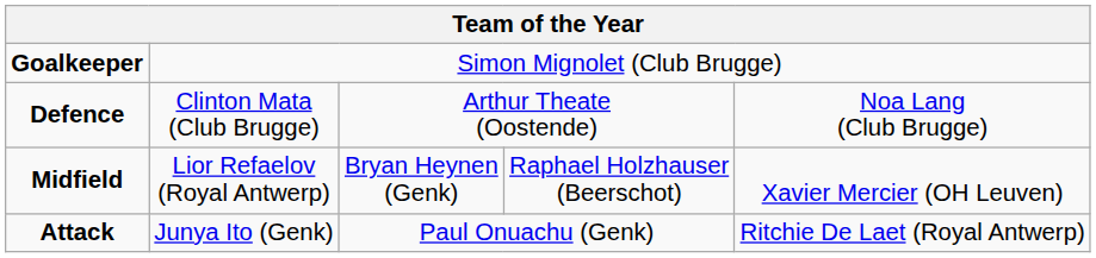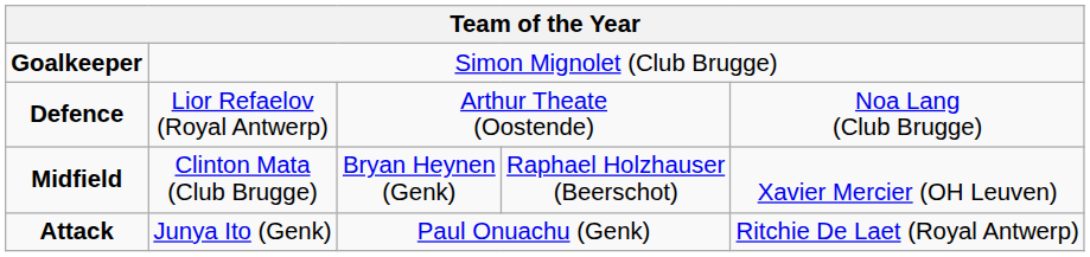 <table class="wikitable" style="text-align:center">
 <tr>
 <th colspan="6">Team of the Year</th>
 </tr>
 <tr>
 <td><strong>Goalkeeper</strong></td>
 <td colspan="5"> <a href='#'>Simon Mignolet</a> (Club Brugge)</td>
 </tr>
 <tr>
 <td><strong>Defence</strong></td>
-<td> <a href='#'>Clinton Mata</a><br>(Club Brugge)</td>
+<td> <a href='#'>Lior Refaelov</a><br>(Royal Antwerp)</td>
 <td colspan="2"> <a href='#'>Arthur Theate</a><br>(Oostende)</td>
 <td> <a href='#'>Noa Lang</a><br>(Club Brugge)</td>
 </tr>
 <tr>
 <td><strong>Midfield</strong></td>
-<td> <a href='#'>Lior Refaelov</a><br>(Royal Antwerp)</td>
+<td> <a href='#'>Clinton Mata</a><br>(Club Brugge)</td>
 <td> <a href='#'>Bryan Heynen</a><br>(Genk)</td>
 <td> <a href='#'>Raphael Holzhauser</a><br>(Beerschot)</td>
 <td><br><a href='#'>Xavier Mercier</a>  (OH Leuven)</td>
 </tr>
 <tr>
 <td><strong>Attack</strong></td>
 <td> <a href='#'>Junya Ito</a> (Genk)</td>
 <td colspan="2"> <a href='#'>Paul Onuachu</a> (Genk)</td>
 <td>  <a href='#'>Ritchie De Laet</a> (Royal Antwerp)</td>
 </tr>
 </table>
